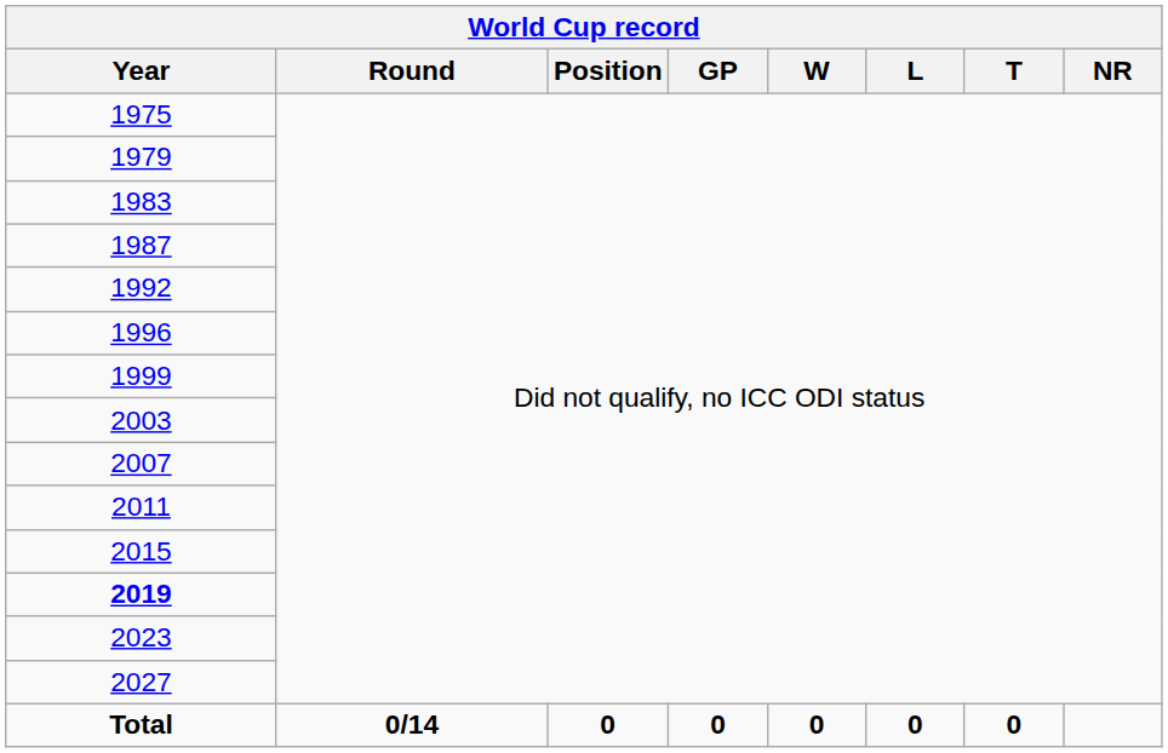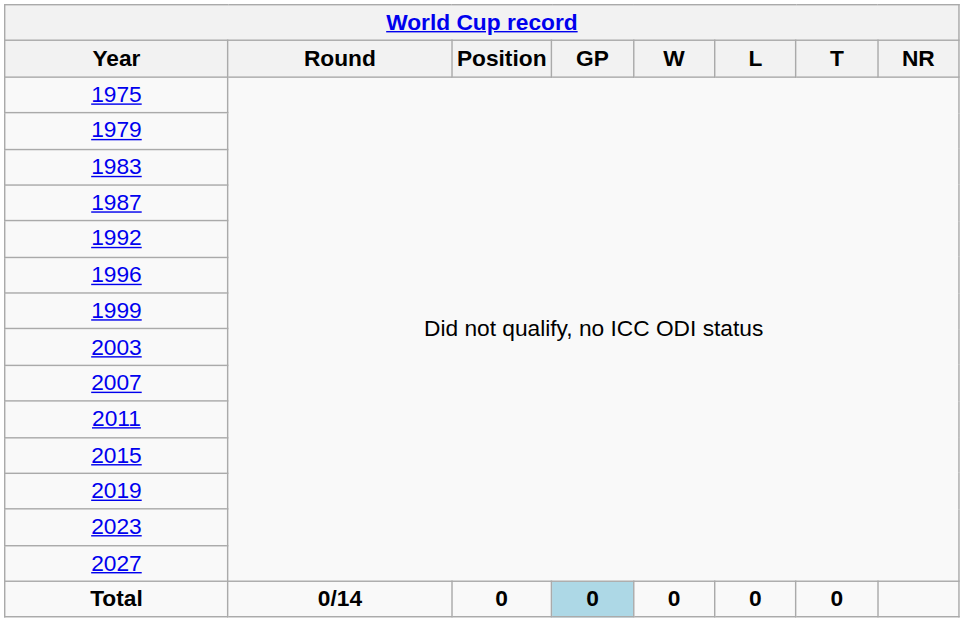 <table class="wikitable" style="text-align: center;">
 <tr>
 <th colspan=8><a href='#'>World Cup record</a></th>
 </tr>
 <tr>
 <th width=150>Year</th>
 <th width=150>Round</th>
 <th width=50>Position</th>
 <th width=50>GP</th>
 <th width=50>W</th>
 <th width=50>L</th>
 <th width=50>T</th>
 <th width=50>NR</th>
 </tr>
 <tr>
 <td> <a href='#'>1975</a></td>
 <td colspan=8 rowspan=14>Did not qualify, no ICC ODI status</td>
 </tr>
 <tr>
 <td> <a href='#'>1979</a></td>
 </tr>
 <tr>
 <td> <a href='#'>1983</a></td>
 </tr>
 <tr>
 <td>  <a href='#'>1987</a></td>
 </tr>
 <tr>
 <td>  <a href='#'>1992</a></td>
 </tr>
 <tr>
 <td>  <a href='#'>1996</a></td>
 </tr>
 <tr>
 <td> <a href='#'>1999</a></td>
 </tr>
 <tr>
 <td> <a href='#'>2003</a></td>
 </tr>
 <tr>
 <td> <a href='#'>2007</a></td>
 </tr>
 <tr>
 <td>   <a href='#'>2011</a></td>
 </tr>
 <tr>
 <td>  <a href='#'>2015</a></td>
 </tr>
 <tr>
-<td><strong>  <a href='#'>2019</a></strong></td>
+<td>  <a href='#'>2019</a></td>
 </tr>
 <tr>
 <td> <a href='#'>2023</a></td>
 </tr>
 <tr>
 <td>   <a href='#'>2027</a></td>
 </tr>
 <tr>
 <td><strong>Total</strong></td>
 <td><strong>0/14</strong></td>
 <td><strong>0</strong></td>
-<td><strong>0</strong></td>
+<td style="background: lightblue;"><strong>0</strong></td>
 <td><strong>0</strong></td>
 <td><strong>0</strong></td>
 <td><strong>0</strong></td>
 </tr>
 </table>
